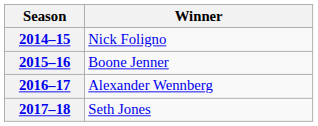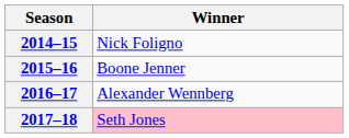 <table class="wikitable">
 <tr>
 <th scope="col" style="width:5em">Season</th>
 <th scope="col" style="width:15em">Winner</th>
 </tr>
 <tr>
 <th scope="row"><a href='#'>2014–15</a></th>
 <td><a href='#'>Nick Foligno</a></td>
 </tr>
 <tr>
 <th scope="row"><a href='#'>2015–16</a></th>
 <td><a href='#'>Boone Jenner</a></td>
 </tr>
 <tr>
 <th scope="row"><a href='#'>2016–17</a></th>
 <td><a href='#'>Alexander Wennberg</a></td>
 </tr>
 <tr>
 <th scope="row"><a href='#'>2017–18</a></th>
-<td><a href='#'>Seth Jones</a></td>
+<td style="background: pink;"><a href='#'>Seth Jones</a></td>
 </tr>
 </table>
